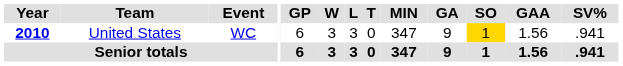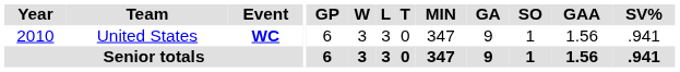 <table border="0" cellpadding="1" cellspacing="0" ID="Table3" style="text-align:center; width:40em;">
 <tr bgcolor="#e0e0e0">
 <th>Year</th>
 <th>Team</th>
 <th>Event</th>
 <th rowspan="99" bgcolor="#ffffff"></th>
 <th>GP</th>
 <th>W</th>
 <th>L</th>
 <th>T</th>
 <th>MIN</th>
 <th>GA</th>
 <th>SO</th>
 <th>GAA</th>
 <th>SV%</th>
 </tr>
 <tr>
-<td><strong><a href='#'>2010</a></strong></td>
+<td><a href='#'>2010</a></td>
 <td><a href='#'>United States</a></td>
-<td><a href='#'>WC</a></td>
+<td><strong><a href='#'>WC</a></strong></td>
 <td>6</td>
 <td>3</td>
 <td>3</td>
 <td>0</td>
 <td>347</td>
 <td>9</td>
-<td style="background: gold;">1</td>
+<td>1</td>
 <td>1.56</td>
 <td>.941</td>
 </tr>
 <tr bgcolor="#e0e0e0">
 <th colspan="3">Senior totals</th>
 <th>6</th>
 <th>3</th>
 <th>3</th>
 <th>0</th>
 <th>347</th>
 <th>9</th>
 <th>1</th>
 <th>1.56</th>
 <th>.941</th>
 </tr>
 </table>
